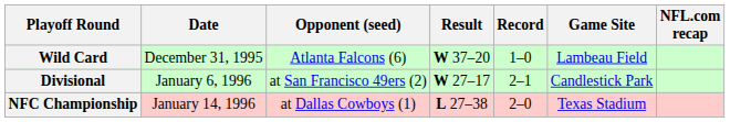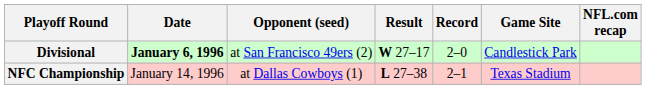 <table class="wikitable" style="text-align:center;">
 <tr>
 <th>Playoff Round</th>
 <th>Date</th>
 <th>Opponent (seed)</th>
 <th>Result</th>
 <th>Record</th>
 <th>Game Site</th>
 <th>NFL.com<br>recap</th>
 </tr>
 <tr style="background:#cfc;">
-<th>Wild Card</th>
-<td>December 31, 1995</td>
-<td><a href='#'>Atlanta Falcons</a> (6)</td>
-<td><strong>W</strong> 37–20</td>
-<td>1–0</td>
-<td><a href='#'>Lambeau Field</a></td>
-<td></td>
-</tr>
-<tr style="background:#cfc;">
 <th>Divisional</th>
-<td>January 6, 1996</td>
+<td><strong>January 6, 1996</strong></td>
 <td>at <a href='#'>San Francisco 49ers</a> (2)</td>
 <td><strong>W</strong> 27–17</td>
-<td>2–1</td>
+<td>2–0</td>
 <td><a href='#'>Candlestick Park</a></td>
 <td></td>
 </tr>
 <tr style="background:#fcc;">
 <th>NFC Championship</th>
 <td>January 14, 1996</td>
 <td>at <a href='#'>Dallas Cowboys</a> (1)</td>
 <td><strong>L</strong> 27–38</td>
-<td>2–0</td>
+<td>2–1</td>
 <td><a href='#'>Texas Stadium</a></td>
 <td></td>
 </tr>
 </table>
